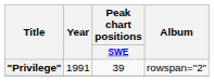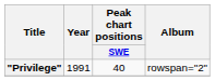 <table class="wikitable plainrowheaders" style="text-align:center;">
 <tr>
 <th scope="col" rowspan="2">Title</th>
 <th scope="col" rowspan="2">Year</th>
 <th scope="col" colspan="1">Peak chart positions</th>
 <th scope="col" rowspan="2">Album</th>
 </tr>
 <tr>
 <th scope="col" style="width:3em;font-size:85%;"><a href='#'>SWE</a></th>
 </tr>
 <tr>
 <th scope="row">"Privilege"</th>
 <td>1991</td>
-<td>39</td>
+<td>40</td>
 <td>rowspan="2" </td>
 </tr>
 <tr>
 </tr>
 </table>
